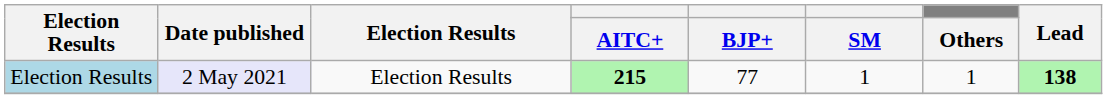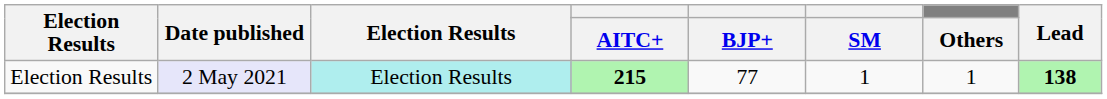 <table class="wikitable sortable" style="text-align:center; font-size:95%; line-height:16px">
 <tr>
 <th rowspan="2" width="100px">Election Results</th>
 <th rowspan="2" width="100px">Date published</th>
 <th rowspan="2" width="175px">Election Results</th>
 <th style="background:"></th>
 <th style="background:"></th>
 <th style="text-align:center; background:"></th>
 <th style="background:gray;"></th>
 <th rowspan="2" width="50px">Lead</th>
 </tr>
 <tr>
 <th style="width:75px;"><a href='#'>AITC+</a></th>
 <th style="width:75px;"><a href='#'>BJP+</a></th>
 <th style="width:75px;"><a href='#'>SM</a></th>
 <th style="width:60px;">Others</th>
 </tr>
 <tr>
-<td style="background: lightblue;">Election Results</td>
+<td>Election Results</td>
 <td style="background: lavender;">2 May 2021</td>
-<td>Election Results</td>
+<td style="background: paleturquoise;">Election Results</td>
 <td style="background:#B0F4B0"><strong>215</strong></td>
 <td>77</td>
 <td>1</td>
 <td>1</td>
 <td style="background:#B0F4B0"><strong>138</strong></td>
 </tr>
 <tr>
 </tr>
 </table>
